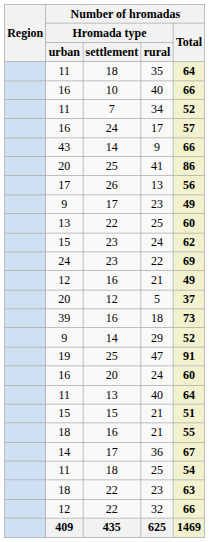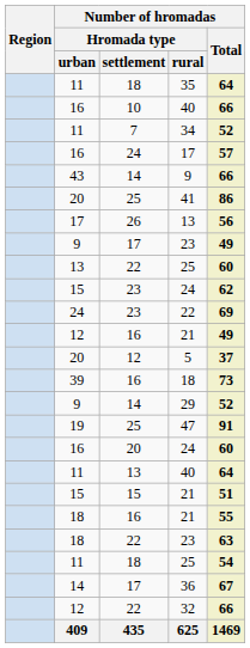 <table class="wikitable sortable">
 <tr>
 <th rowspan="3">Region</th>
 <th colspan="4">Number of hromadas</th>
 </tr>
 <tr>
 <th colspan="3">Hromada type</th>
 <th rowspan="2">Total</th>
 </tr>
 <tr>
 <th>urban</th>
 <th>settlement</th>
 <th>rural</th>
 </tr>
 <tr>
 <td style="background:#CEE0F2; color:black"></td>
 <td align="center">11</td>
 <td align="center">18</td>
 <td align="center">35</td>
 <td style="background:#F2F2CE; color:black; text-align:center;"><strong>64</strong></td>
 </tr>
 <tr>
 <td style="background:#CEE0F2; color:black"></td>
 <td align="center">16</td>
 <td align="center">10</td>
 <td align="center">40</td>
 <td style="background:#F2F2CE; color:black; text-align:center;"><strong>66</strong></td>
 </tr>
 <tr>
 <td style="background:#CEE0F2; color:black"></td>
 <td align="center">11</td>
 <td align="center">7</td>
 <td align="center">34</td>
 <td style="background:#F2F2CE; color:black; text-align:center;"><strong>52</strong></td>
 </tr>
 <tr>
 <td style="background:#CEE0F2; color:black"></td>
 <td align="center">16</td>
 <td align="center">24</td>
 <td align="center">17</td>
 <td style="background:#F2F2CE; color:black; text-align:center;"><strong>57</strong></td>
 </tr>
 <tr>
 <td style="background:#CEE0F2; color:black"></td>
 <td align="center">43</td>
 <td align="center">14</td>
 <td align="center">9</td>
 <td style="background:#F2F2CE; color:black; text-align:center;"><strong>66</strong></td>
 </tr>
 <tr>
 <td style="background:#CEE0F2; color:black"></td>
 <td align="center">20</td>
 <td align="center">25</td>
 <td align="center">41</td>
 <td style="background:#F2F2CE; color:black; text-align:center;"><strong>86</strong></td>
 </tr>
 <tr>
 <td style="background:#CEE0F2; color:black"></td>
 <td align="center">17</td>
 <td align="center">26</td>
 <td align="center">13</td>
 <td style="background:#F2F2CE; color:black; text-align:center;"><strong>56</strong></td>
 </tr>
 <tr>
 <td style="background:#CEE0F2; color:black"></td>
 <td align="center">9</td>
 <td align="center">17</td>
 <td align="center">23</td>
 <td style="background:#F2F2CE; color:black; text-align:center;"><strong>49</strong></td>
 </tr>
 <tr>
 <td style="background:#CEE0F2; color:black"></td>
 <td align="center">13</td>
 <td align="center">22</td>
 <td align="center">25</td>
 <td style="background:#F2F2CE; color:black; text-align:center;"><strong>60</strong></td>
 </tr>
 <tr>
 <td style="background:#CEE0F2; color:black"></td>
 <td align="center">15</td>
 <td align="center">23</td>
 <td align="center">24</td>
 <td style="background:#F2F2CE; color:black; text-align:center;"><strong>62</strong></td>
 </tr>
 <tr>
 <td style="background:#CEE0F2; color:black"></td>
 <td align="center">24</td>
 <td align="center">23</td>
 <td align="center">22</td>
 <td style="background:#F2F2CE; color:black; text-align:center;"><strong>69</strong></td>
 </tr>
 <tr>
 <td style="background:#CEE0F2; color:black"></td>
 <td align="center">12</td>
 <td align="center">16</td>
 <td align="center">21</td>
 <td style="background:#F2F2CE; color:black; text-align:center;"><strong>49</strong></td>
 </tr>
 <tr>
 <td style="background:#CEE0F2; color:black"></td>
 <td align="center">20</td>
 <td align="center">12</td>
 <td align="center">5</td>
 <td style="background:#F2F2CE; color:black; text-align:center;"><strong>37</strong></td>
 </tr>
 <tr>
 <td style="background:#CEE0F2; color:black"></td>
 <td align="center">39</td>
 <td align="center">16</td>
 <td align="center">18</td>
 <td style="background:#F2F2CE; color:black; text-align:center;"><strong>73</strong></td>
 </tr>
 <tr>
 <td style="background:#CEE0F2; color:black"></td>
 <td align="center">9</td>
 <td align="center">14</td>
 <td align="center">29</td>
 <td style="background:#F2F2CE; color:black; text-align:center;"><strong>52</strong></td>
 </tr>
 <tr>
 <td style="background:#CEE0F2; color:black"></td>
 <td align="center">19</td>
 <td align="center">25</td>
 <td align="center">47</td>
 <td style="background:#F2F2CE; color:black; text-align:center;"><strong>91</strong></td>
 </tr>
 <tr>
 <td style="background:#CEE0F2; color:black"></td>
 <td align="center">16</td>
 <td align="center">20</td>
 <td align="center">24</td>
 <td style="background:#F2F2CE; color:black; text-align:center;"><strong>60</strong></td>
 </tr>
 <tr>
 <td style="background:#CEE0F2; color:black"></td>
 <td align="center">11</td>
 <td align="center">13</td>
 <td align="center">40</td>
 <td style="background:#F2F2CE; color:black; text-align:center;"><strong>64</strong></td>
 </tr>
 <tr>
 <td style="background:#CEE0F2; color:black"></td>
 <td align="center">15</td>
 <td align="center">15</td>
 <td align="center">21</td>
 <td style="background:#F2F2CE; color:black; text-align:center;"><strong>51</strong></td>
 </tr>
 <tr>
 <td style="background:#CEE0F2; color:black"></td>
 <td align="center">18</td>
 <td align="center">16</td>
 <td align="center">21</td>
 <td style="background:#F2F2CE; color:black; text-align:center;"><strong>55</strong></td>
 </tr>
 <tr>
 <td style="background:#CEE0F2; color:black"></td>
-<td align="center">14</td>
-<td align="center">17</td>
-<td align="center">36</td>
-<td style="background:#F2F2CE; color:black; text-align:center;"><strong>67</strong></td>
+<td align="center">18</td>
+<td align="center">22</td>
+<td align="center">23</td>
+<td style="background:#F2F2CE; color:black; text-align:center;"><strong>63</strong></td>
 </tr>
 <tr>
 <td style="background:#CEE0F2; color:black"></td>
 <td align="center">11</td>
 <td align="center">18</td>
 <td align="center">25</td>
 <td style="background:#F2F2CE; color:black; text-align:center;"><strong>54</strong></td>
 </tr>
 <tr>
 <td style="background:#CEE0F2; color:black"></td>
-<td align="center">18</td>
-<td align="center">22</td>
-<td align="center">23</td>
-<td style="background:#F2F2CE; color:black; text-align:center;"><strong>63</strong></td>
+<td align="center">14</td>
+<td align="center">17</td>
+<td align="center">36</td>
+<td style="background:#F2F2CE; color:black; text-align:center;"><strong>67</strong></td>
 </tr>
 <tr>
 <td style="background:#CEE0F2; color:black"></td>
 <td align="center">12</td>
 <td align="center">22</td>
 <td align="center">32</td>
 <td style="background:#F2F2CE; color:black; text-align:center;"><strong>66</strong></td>
 </tr>
 <tr>
 <td style="background:#CEE0F2; color:black; text-align:center;"><strong></strong></td>
 <th>409</th>
 <th>435</th>
 <th>625</th>
 <td style="background:#F2F2CE; color:black; text-align:center;"><strong>1469</strong></td>
 </tr>
 </table>
